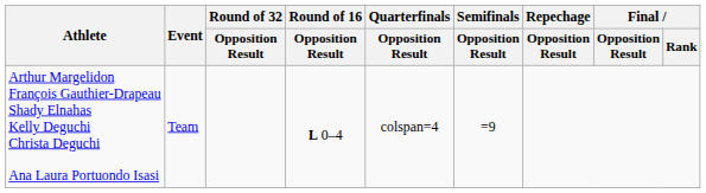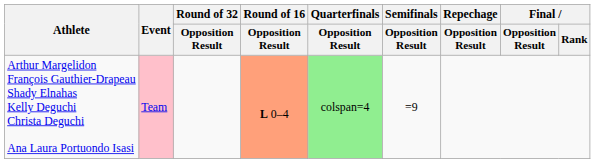 <table class="wikitable" style="font-size:90%">
 <tr>
 <th rowspan="2">Athlete</th>
 <th rowspan="2">Event</th>
 <th>Round of 32</th>
 <th>Round of 16</th>
 <th>Quarterfinals</th>
 <th>Semifinals</th>
 <th>Repechage</th>
 <th colspan=2>Final / </th>
 </tr>
 <tr style="font-size:95%">
 <th>Opposition<br>Result</th>
 <th>Opposition<br>Result</th>
 <th>Opposition<br>Result</th>
 <th>Opposition<br>Result</th>
 <th>Opposition<br>Result</th>
 <th>Opposition<br>Result</th>
 <th>Rank</th>
 </tr>
 <tr align=center>
 <td align=left><a href='#'>Arthur Margelidon</a><br><a href='#'>François Gauthier-Drapeau</a><br><a href='#'>Shady Elnahas</a><br><a href='#'>Kelly Deguchi</a><br><a href='#'>Christa Deguchi</a><br><br><a href='#'>Ana Laura Portuondo Isasi</a></td>
-<td align=left><a href='#'>Team</a></td>
+<td align=left style="background: pink;"><a href='#'>Team</a></td>
 <td></td>
-<td><br><strong>L</strong> 0–4</td>
-<td>colspan=4 </td>
+<td style="background: lightsalmon;"><br><strong>L</strong> 0–4</td>
+<td style="background: lightgreen;">colspan=4 </td>
 <td>=9</td>
 </tr>
 </table>
